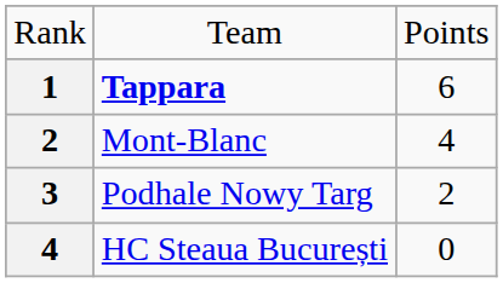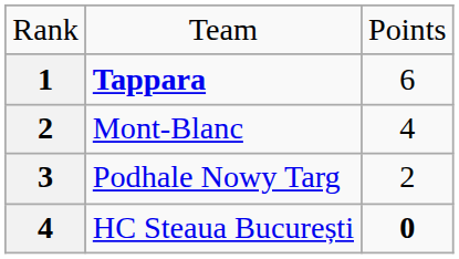 <table class="wikitable" style="text-align: center;">
 <tr>
 <td>Rank</td>
 <td>Team</td>
 <td>Points</td>
 </tr>
 <tr>
 <th>1</th>
 <td style="text-align: left;"> <strong><a href='#'>Tappara</a></strong></td>
 <td>6</td>
 </tr>
 <tr>
 <th>2</th>
 <td style="text-align: left;"> <a href='#'>Mont-Blanc</a></td>
 <td>4</td>
 </tr>
 <tr>
 <th>3</th>
 <td style="text-align: left;"> <a href='#'>Podhale Nowy Targ</a></td>
 <td>2</td>
 </tr>
 <tr>
 <th>4</th>
 <td style="text-align: left;"> <a href='#'>HC Steaua București</a></td>
-<td>0</td>
+<td><strong>0</strong></td>
 </tr>
 </table>
